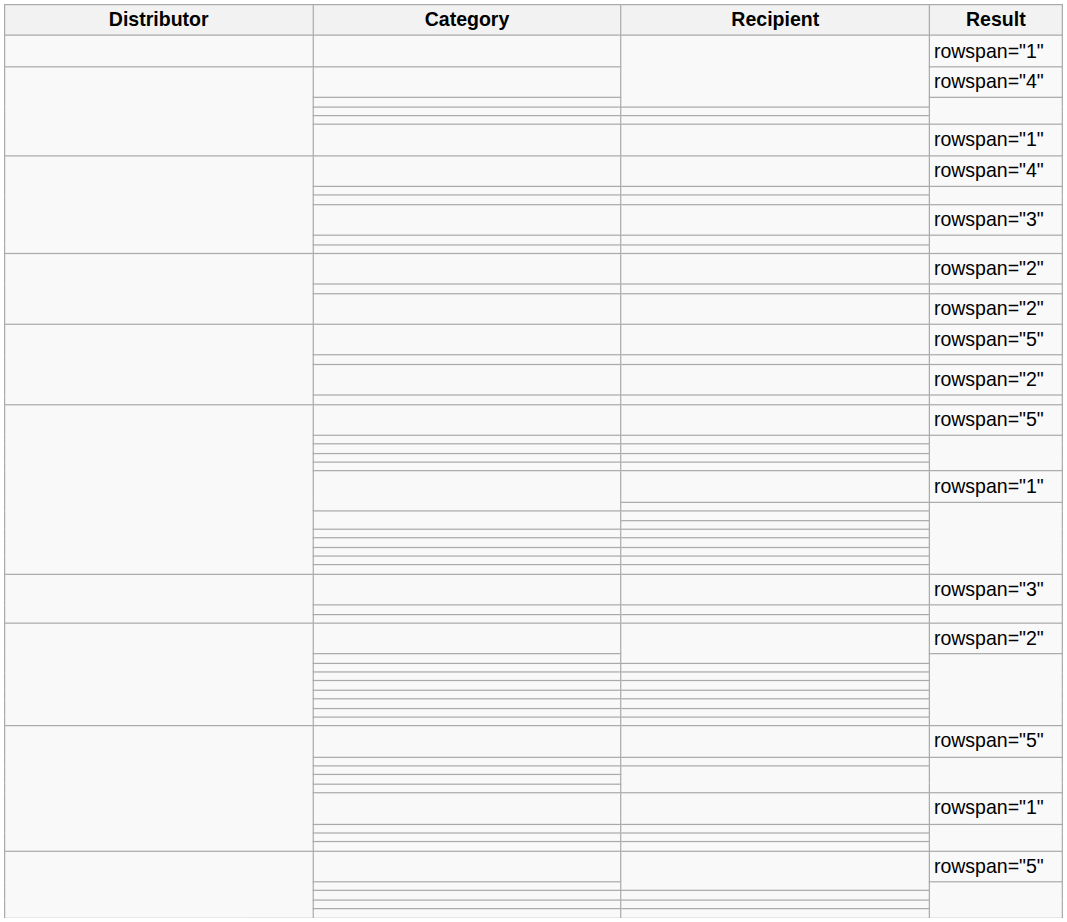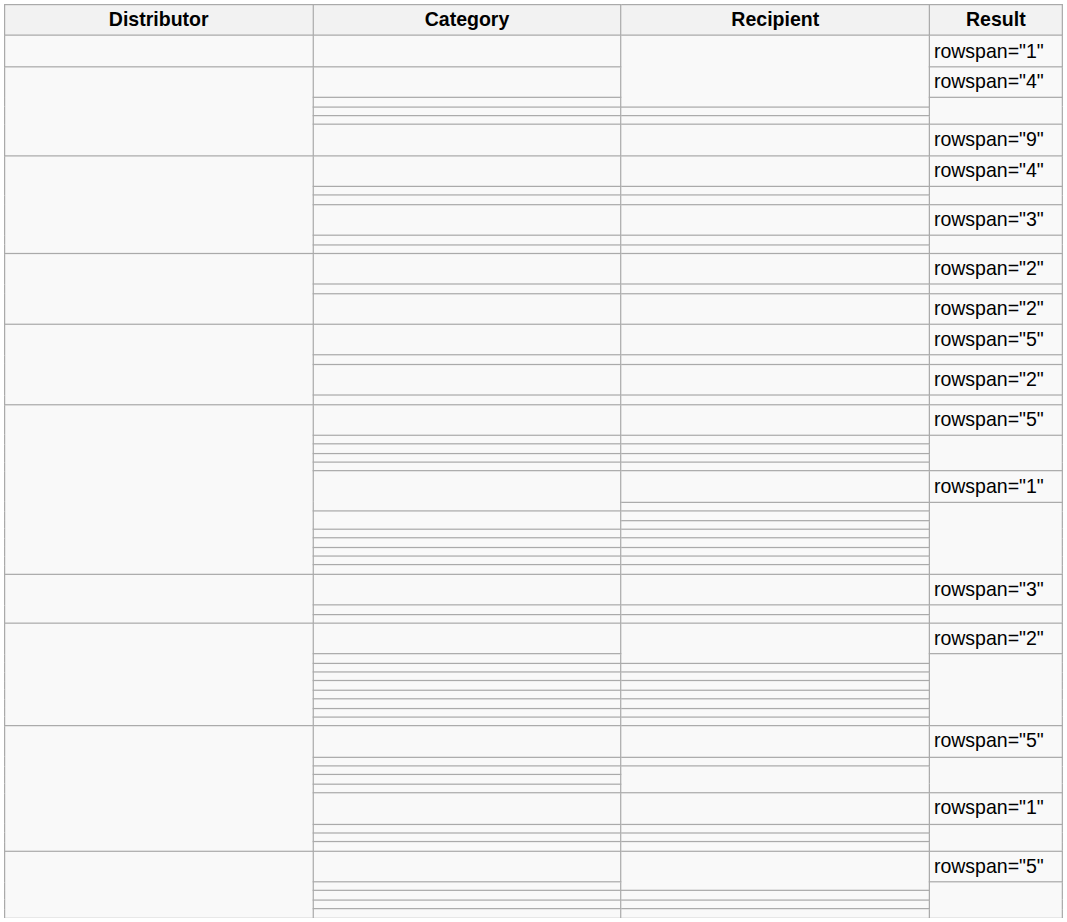 <table class="wikitable"  >
 <tr>
 <th width="25%" scope="col">Distributor</th>
 <th width="25%" scope="col">Category</th>
 <th width="25%" scope="col">Recipient</th>
 <th width="8%" scope="col">Result</th>
 </tr>
 <tr>
 <td rowspan="1"></td>
 <td></td>
 <td rowspan="3"></td>
 <td>rowspan="1" </td>
 </tr>
 <tr>
 <td rowspan="5"></td>
 <td></td>
 <td>rowspan="4" </td>
 </tr>
 <tr>
 <td></td>
 </tr>
 <tr>
 <td></td>
 <td></td>
 </tr>
 <tr>
 <td></td>
 <td></td>
 </tr>
 <tr>
 <td></td>
 <td></td>
-<td>rowspan="1" </td>
+<td>rowspan="9" </td>
 </tr>
 <tr>
 <td rowspan="6"></td>
 <td></td>
 <td></td>
 <td>rowspan="4" </td>
 </tr>
 <tr>
 <td></td>
 <td></td>
 </tr>
 <tr>
 <td></td>
 <td></td>
 </tr>
 <tr>
 <td></td>
 <td></td>
 <td>rowspan="3" </td>
 </tr>
 <tr>
 <td></td>
 <td></td>
 </tr>
 <tr>
 <td></td>
 <td></td>
 </tr>
 <tr>
 <td rowspan="3"></td>
 <td></td>
 <td></td>
 <td>rowspan="2" </td>
 </tr>
 <tr>
 <td></td>
 <td></td>
 </tr>
 <tr>
 <td></td>
 <td></td>
 <td>rowspan="2" </td>
 </tr>
 <tr>
 <td rowspan="4"></td>
 <td></td>
 <td></td>
 <td>rowspan="5" </td>
 </tr>
 <tr>
 <td></td>
 <td></td>
 </tr>
 <tr>
 <td></td>
 <td></td>
 <td>rowspan="2" </td>
 </tr>
 <tr>
 <td></td>
 <td></td>
 </tr>
 <tr>
 <td rowspan="14"></td>
 <td></td>
 <td></td>
 <td>rowspan="5" </td>
 </tr>
 <tr>
 <td></td>
 <td></td>
 </tr>
 <tr>
 <td></td>
 <td></td>
 </tr>
 <tr>
 <td></td>
 <td></td>
 </tr>
 <tr>
 <td></td>
 <td></td>
 </tr>
 <tr>
 <td rowspan="2"></td>
 <td></td>
 <td>rowspan="1" </td>
 </tr>
 <tr>
 <td></td>
 </tr>
 <tr>
 <td rowspan="2"></td>
 <td></td>
 </tr>
 <tr>
 <td></td>
 </tr>
 <tr>
 <td></td>
 <td></td>
 </tr>
 <tr>
 <td></td>
 <td></td>
 </tr>
 <tr>
 <td></td>
 <td></td>
 </tr>
 <tr>
 <td></td>
 <td></td>
 </tr>
 <tr>
 <td></td>
 <td></td>
 </tr>
 <tr>
 <td rowspan="3"></td>
 <td></td>
 <td></td>
 <td>rowspan="3" </td>
 </tr>
 <tr>
 <td></td>
 <td></td>
 </tr>
 <tr>
 <td></td>
 <td></td>
 </tr>
 <tr>
 <td rowspan="9"></td>
 <td></td>
 <td rowspan="2"></td>
 <td>rowspan="2" </td>
 </tr>
 <tr>
 <td></td>
 </tr>
 <tr>
 <td></td>
 <td></td>
 </tr>
 <tr>
 <td></td>
 <td></td>
 </tr>
 <tr>
 <td></td>
 <td></td>
 </tr>
 <tr>
 <td></td>
 <td></td>
 </tr>
 <tr>
 <td></td>
 <td></td>
 </tr>
 <tr>
 <td></td>
 <td></td>
 </tr>
 <tr>
 <td></td>
 <td></td>
 </tr>
 <tr>
 <td rowspan="9"></td>
 <td></td>
 <td></td>
 <td>rowspan="5" </td>
 </tr>
 <tr>
 <td></td>
 <td></td>
 </tr>
 <tr>
 <td></td>
 <td rowspan="3"></td>
 </tr>
 <tr>
 <td></td>
 </tr>
 <tr>
 <td></td>
 </tr>
 <tr>
 <td></td>
 <td></td>
 <td>rowspan="1" </td>
 </tr>
 <tr>
 <td></td>
 <td></td>
 </tr>
 <tr>
 <td></td>
 <td></td>
 </tr>
 <tr>
 <td></td>
 <td></td>
 </tr>
 <tr>
 <td rowspan="5"></td>
 <td></td>
 <td rowspan="2"></td>
 <td>rowspan="5" </td>
 </tr>
 <tr>
 <td></td>
 </tr>
 <tr>
 <td></td>
 <td></td>
 </tr>
 <tr>
 <td></td>
 <td></td>
 </tr>
 <tr>
 <td></td>
 <td></td>
 </tr>
 </table>
